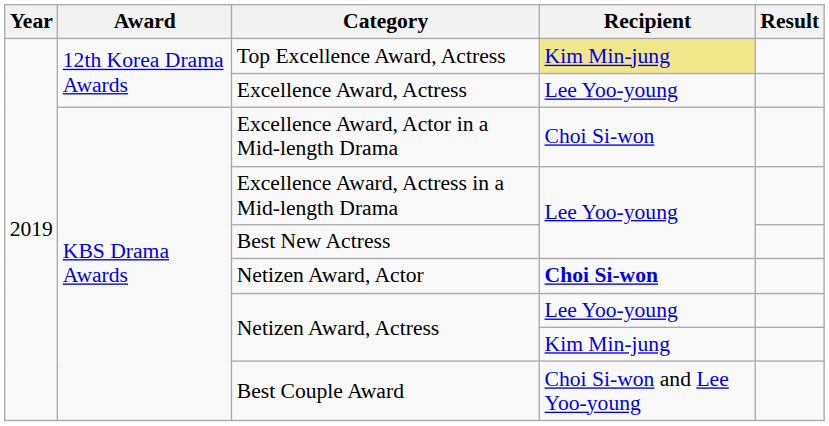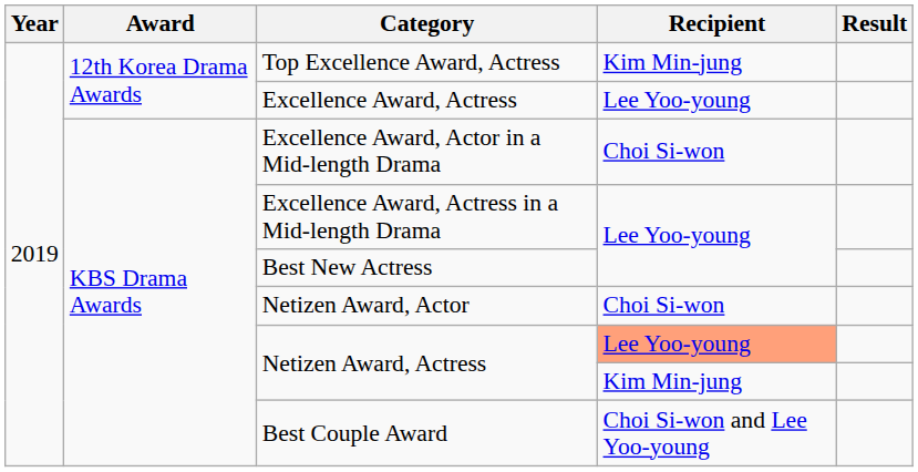 <table class="wikitable">
 <tr>
 <th>Year</th>
 <th>Award</th>
 <th>Category</th>
 <th>Recipient</th>
 <th>Result</th>
 </tr>
 <tr>
 <td rowspan=9>2019</td>
 <td rowspan=2><a href='#'>12th Korea Drama Awards</a></td>
 <td>Top Excellence Award, Actress</td>
-<td style="background: khaki;"><a href='#'>Kim Min-jung</a></td>
+<td><a href='#'>Kim Min-jung</a></td>
 <td></td>
 </tr>
 <tr>
 <td>Excellence Award, Actress</td>
 <td><a href='#'>Lee Yoo-young</a></td>
 <td></td>
 </tr>
 <tr>
 <td rowspan=7><a href='#'>KBS Drama Awards</a></td>
 <td>Excellence Award, Actor in a Mid-length Drama</td>
 <td><a href='#'>Choi Si-won</a></td>
 <td></td>
 </tr>
 <tr>
 <td>Excellence Award, Actress in a Mid-length Drama</td>
 <td rowspan=2><a href='#'>Lee Yoo-young</a></td>
 <td></td>
 </tr>
 <tr>
 <td>Best New Actress</td>
 <td></td>
 </tr>
 <tr>
 <td>Netizen Award, Actor</td>
-<td><strong><a href='#'>Choi Si-won</a></strong></td>
+<td><a href='#'>Choi Si-won</a></td>
 <td></td>
 </tr>
 <tr>
 <td rowspan=2>Netizen Award, Actress</td>
-<td><a href='#'>Lee Yoo-young</a></td>
+<td style="background: lightsalmon;"><a href='#'>Lee Yoo-young</a></td>
 <td></td>
 </tr>
 <tr>
 <td><a href='#'>Kim Min-jung</a></td>
 <td></td>
 </tr>
 <tr>
 <td>Best Couple Award</td>
 <td><a href='#'>Choi Si-won</a> and <a href='#'>Lee Yoo-young</a></td>
 <td></td>
 </tr>
 </table>
